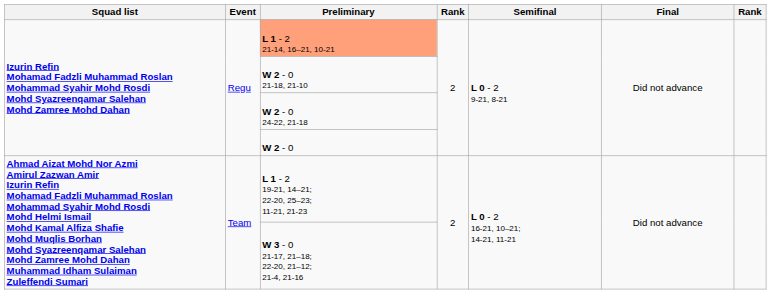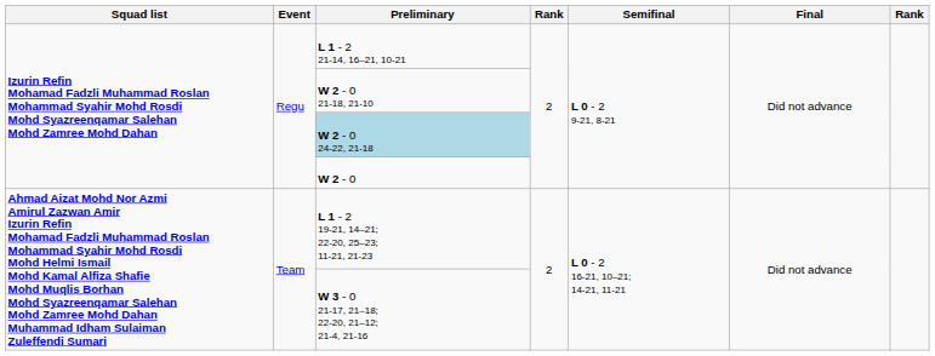 <table class="wikitable" width="90%" style="text-align:center; font-size:90%">
 <tr>
 <th width="25%">Squad list</th>
 <th width="3%">Event</th>
 <th width="20%">Preliminary</th>
 <th width="3%">Rank</th>
 <th width="15%">Semifinal</th>
 <th width="15%">Final</th>
 <th width="3%">Rank</th>
 </tr>
 <tr>
 <td rowspan=4 align=left><strong><a href='#'>Izurin Refin</a><br><a href='#'>Mohamad Fadzli Muhammad Roslan</a><br><a href='#'>Mohammad Syahir Mohd Rosdi</a><br><a href='#'>Mohd Syazreenqamar Salehan</a><br><a href='#'>Mohd Zamree Mohd Dahan</a></strong></td>
 <td rowspan=4 align=left><a href='#'>Regu</a></td>
-<td align=left style="background: lightsalmon;"><br><strong>L 1</strong> - 2<br><small>21-14, 16–21, 10-21</small></td>
+<td align=left><br><strong>L 1</strong> - 2<br><small>21-14, 16–21, 10-21</small></td>
 <td rowspan=4>2</td>
 <td align=left rowspan=4><br><strong>L 0</strong> - 2<br><small>9-21, 8-21</small></td>
 <td rowspan=4>Did not advance</td>
 <td rowspan=4></td>
 </tr>
 <tr>
 <td align=left><br><strong>W 2</strong> - 0<br><small>21-18, 21-10</small></td>
 </tr>
 <tr>
-<td align=left><br><strong>W 2</strong> - 0<br><small>24-22, 21-18</small></td>
+<td align=left style="background: lightblue;"><br><strong>W 2</strong> - 0<br><small>24-22, 21-18</small></td>
 </tr>
 <tr>
 <td align=left><br><strong>W 2</strong> - 0<br></td>
 </tr>
 <tr>
 <td rowspan=2 align=left><strong><a href='#'>Ahmad Aizat Mohd Nor Azmi</a><br><a href='#'>Amirul Zazwan Amir</a><br><a href='#'>Izurin Refin</a><br><a href='#'>Mohamad Fadzli Muhammad Roslan</a><br><a href='#'>Mohammad Syahir Mohd Rosdi</a><br><a href='#'>Mohd Helmi Ismail</a><br><a href='#'>Mohd Kamal Alfiza Shafie</a><br><a href='#'>Mohd Muqlis Borhan</a><br><a href='#'>Mohd Syazreenqamar Salehan</a><br><a href='#'>Mohd Zamree Mohd Dahan</a><br><a href='#'>Muhammad Idham Sulaiman</a><br><a href='#'>Zuleffendi Sumari</a></strong></td>
 <td rowspan=2 align=left><a href='#'>Team</a></td>
 <td align=left><br><strong>L 1</strong> - 2<br><small>19-21, 14–21;<br>22-20, 25–23;<br>11-21, 21-23</small></td>
 <td rowspan=2>2 <strong></strong></td>
 <td rowspan=2 align=left><br><strong>L 0</strong> - 2<br><small>16-21, 10–21;<br>14-21, 11-21</small></td>
 <td rowspan=2>Did not advance</td>
 <td rowspan=2></td>
 </tr>
 <tr>
 <td align=left><br><strong>W 3</strong> - 0<br><small>21-17, 21–18;<br>22-20, 21–12;<br>21-4, 21-16</small></td>
 </tr>
 </table>
